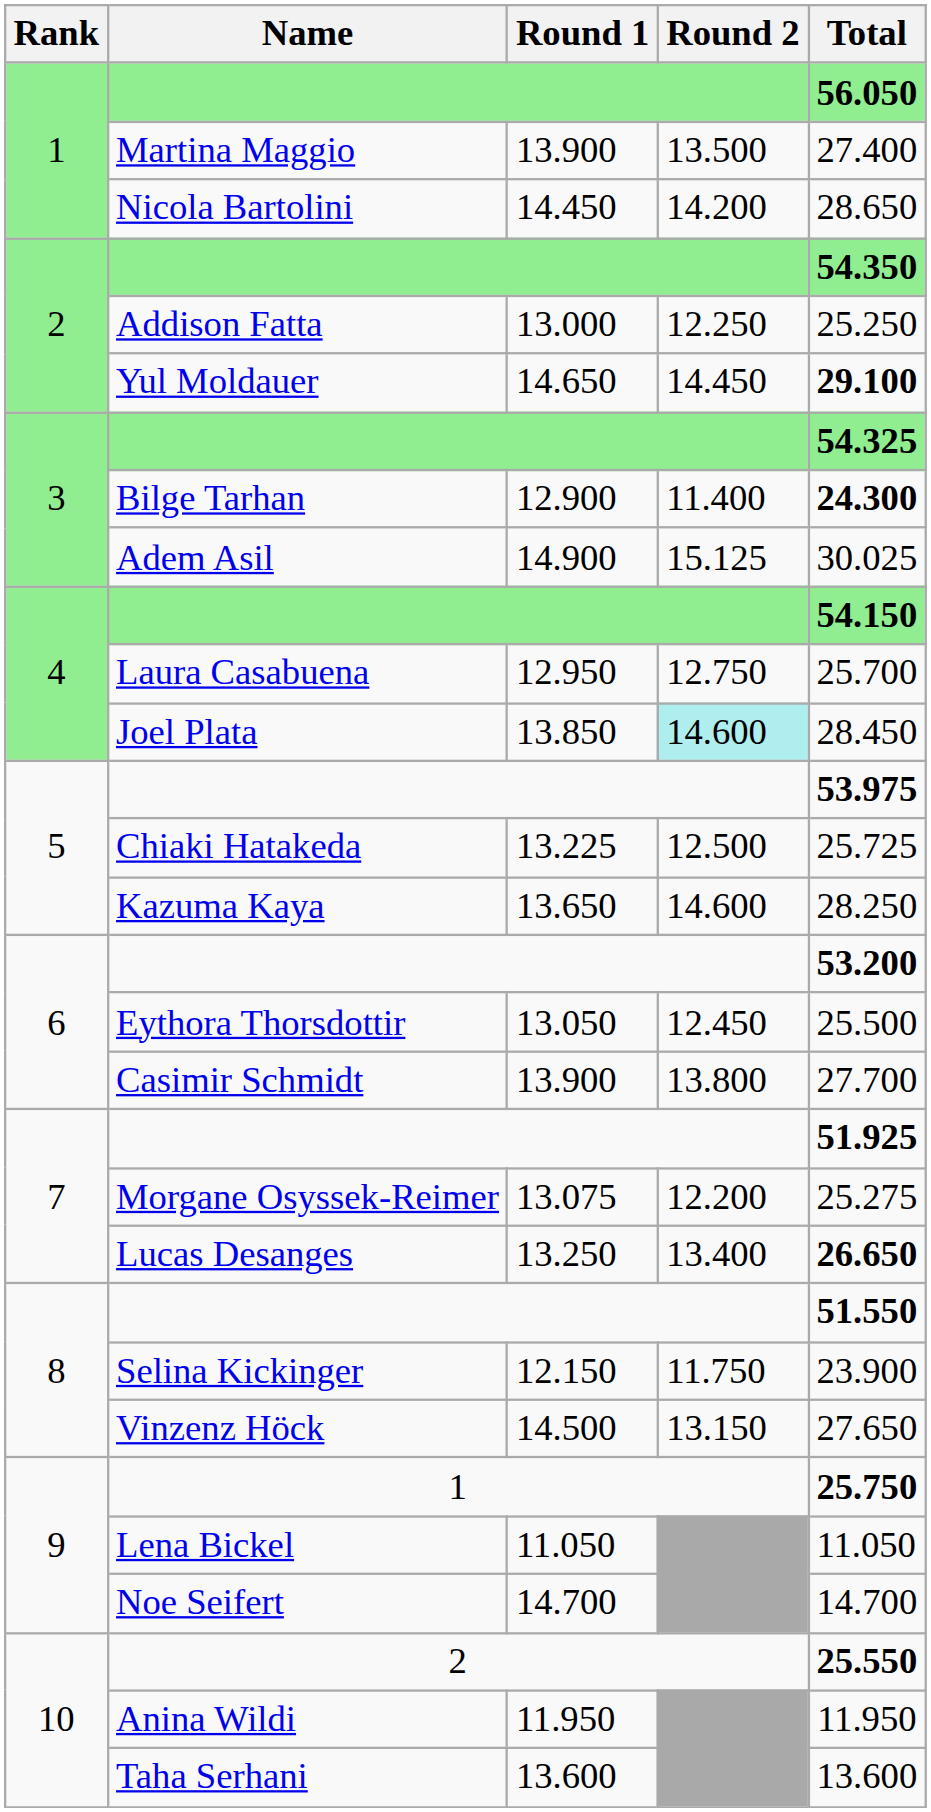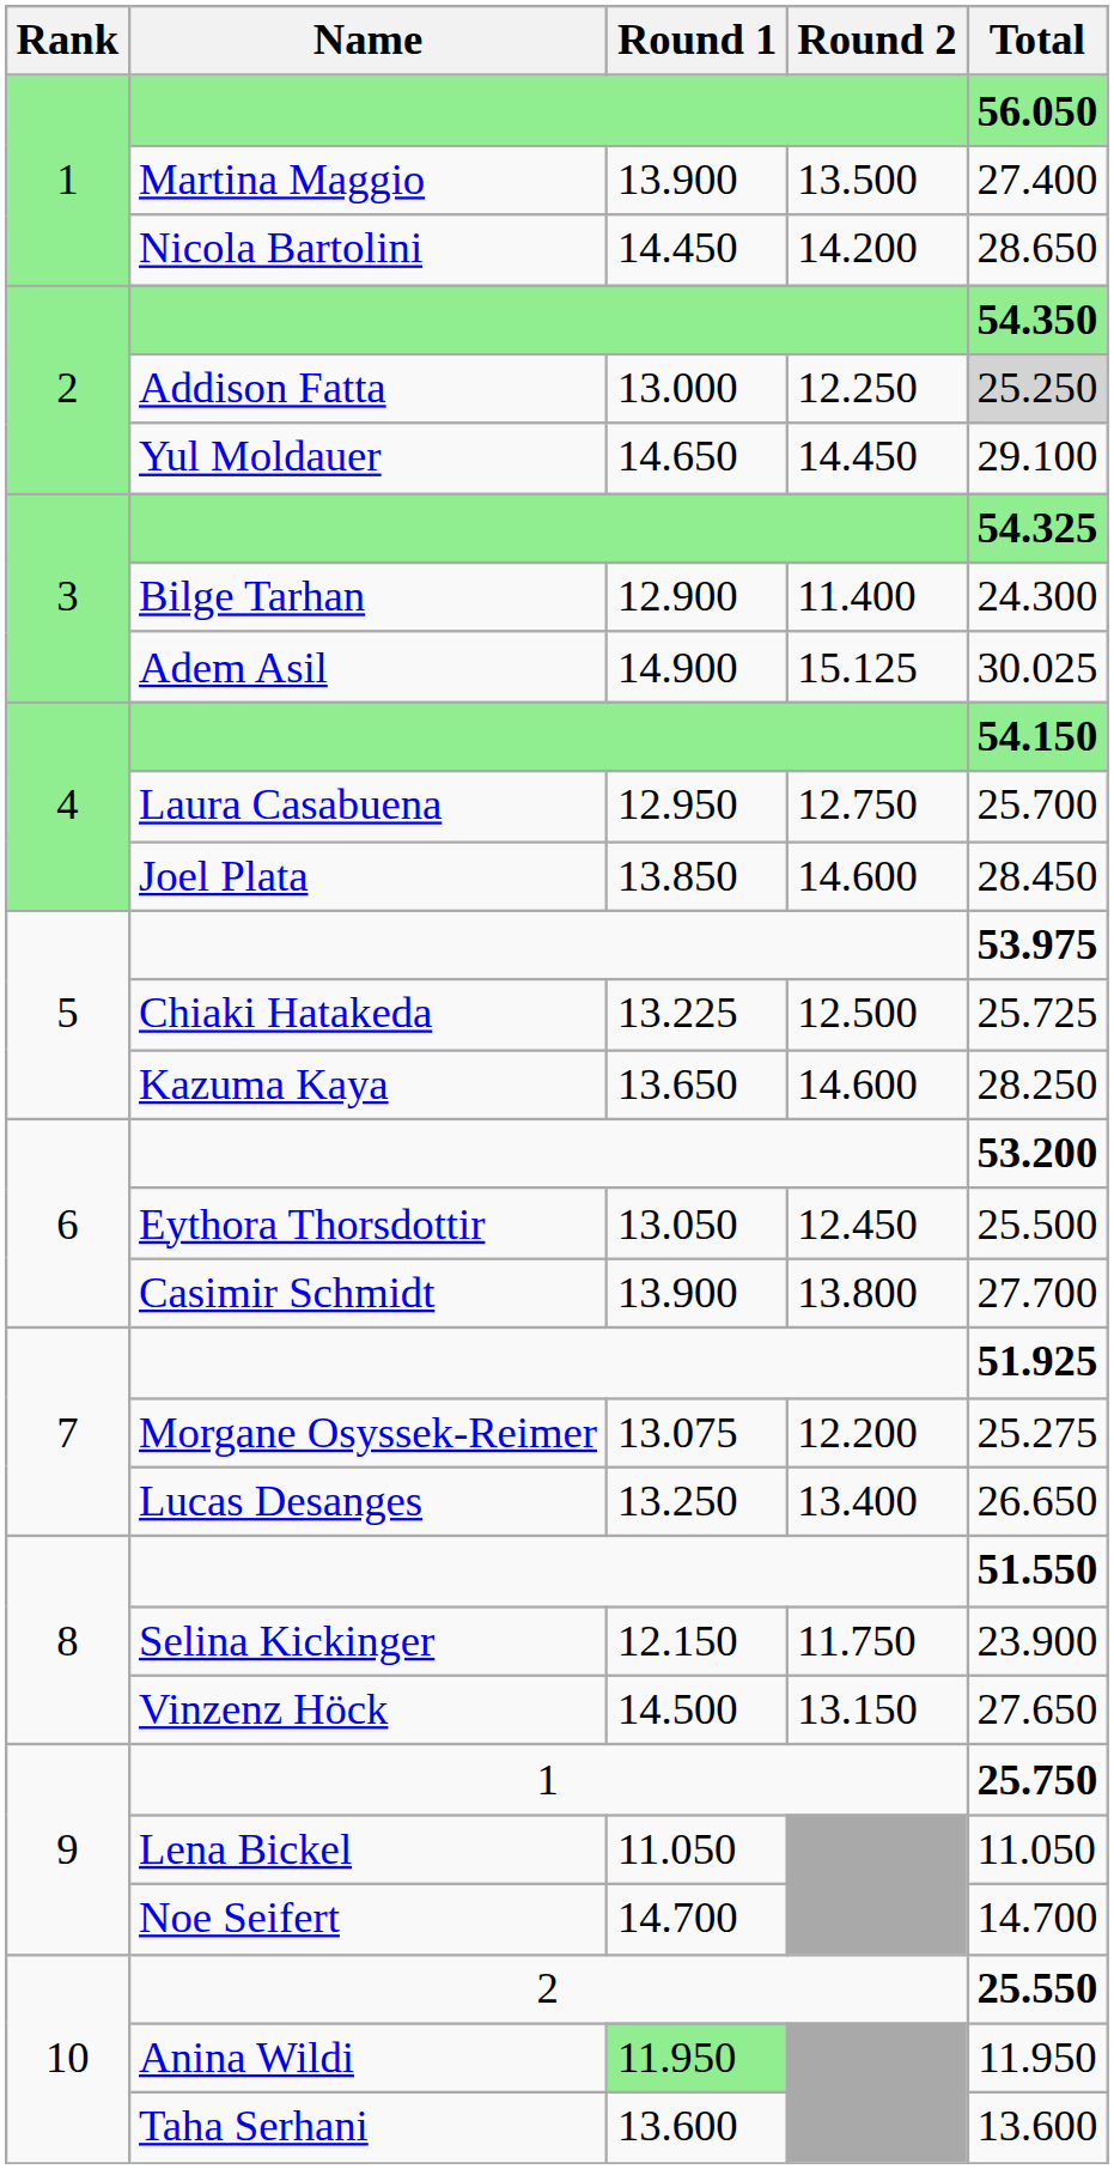 <table class="wikitable" white-space:nowrap">
 <tr>
 <th>Rank</th>
 <th>Name</th>
 <th>Round 1</th>
 <th>Round 2</th>
 <th>Total</th>
 </tr>
 <tr bgcolor="lightgreen">
 <td rowspan="3" align=center>1</td>
 <td align=center colspan="3"></td>
 <td><strong>56.050</strong></td>
 </tr>
 <tr>
 <td><a href='#'>Martina Maggio</a></td>
 <td> 13.900</td>
 <td> 13.500</td>
 <td>27.400</td>
 </tr>
 <tr>
 <td><a href='#'>Nicola Bartolini</a></td>
 <td> 14.450</td>
 <td> 14.200</td>
 <td>28.650</td>
 </tr>
 <tr bgcolor="lightgreen">
 <td rowspan="3" align=center>2</td>
 <td align=center colspan="3"></td>
 <td><strong>54.350</strong></td>
 </tr>
 <tr>
 <td><a href='#'>Addison Fatta</a></td>
 <td> 13.000</td>
 <td> 12.250</td>
-<td>25.250</td>
+<td style="background: lightgrey;">25.250</td>
 </tr>
 <tr>
 <td><a href='#'>Yul Moldauer</a></td>
 <td> 14.650</td>
 <td> 14.450</td>
-<td><strong>29.100</strong></td>
+<td>29.100</td>
 </tr>
 <tr bgcolor="lightgreen">
 <td rowspan="3" align=center>3</td>
 <td align=center colspan="3"></td>
 <td><strong>54.325</strong></td>
 </tr>
 <tr>
 <td><a href='#'>Bilge Tarhan</a></td>
 <td> 12.900</td>
 <td> 11.400</td>
-<td><strong>24.300</strong></td>
+<td>24.300</td>
 </tr>
 <tr>
 <td><a href='#'>Adem Asil</a></td>
 <td> 14.900</td>
 <td> 15.125</td>
 <td>30.025</td>
 </tr>
 <tr bgcolor="lightgreen">
 <td rowspan="3" align=center>4</td>
 <td align=center colspan="3"></td>
 <td><strong>54.150</strong></td>
 </tr>
 <tr>
 <td><a href='#'>Laura Casabuena</a></td>
 <td> 12.950</td>
 <td> 12.750</td>
 <td>25.700</td>
 </tr>
 <tr>
 <td><a href='#'>Joel Plata</a></td>
 <td> 13.850</td>
-<td style="background: paleturquoise;"> 14.600</td>
+<td> 14.600</td>
 <td>28.450</td>
 </tr>
 <tr>
 <td rowspan="3" align=center>5</td>
 <td align=center colspan="3"></td>
 <td><strong>53.975</strong></td>
 </tr>
 <tr>
 <td><a href='#'>Chiaki Hatakeda</a></td>
 <td> 13.225</td>
 <td> 12.500</td>
 <td>25.725</td>
 </tr>
 <tr>
 <td><a href='#'>Kazuma Kaya</a></td>
 <td> 13.650</td>
 <td> 14.600</td>
 <td>28.250</td>
 </tr>
 <tr>
 <td rowspan="3" align=center>6</td>
 <td align=center colspan="3"></td>
 <td><strong>53.200</strong></td>
 </tr>
 <tr>
 <td><a href='#'>Eythora Thorsdottir</a></td>
 <td> 13.050</td>
 <td> 12.450</td>
 <td>25.500</td>
 </tr>
 <tr>
 <td><a href='#'>Casimir Schmidt</a></td>
 <td> 13.900</td>
 <td> 13.800</td>
 <td>27.700</td>
 </tr>
 <tr>
 <td rowspan="3" align=center>7</td>
 <td align=center colspan="3"></td>
 <td><strong>51.925</strong></td>
 </tr>
 <tr>
 <td><a href='#'>Morgane Osyssek-Reimer</a></td>
 <td> 13.075</td>
 <td> 12.200</td>
 <td>25.275</td>
 </tr>
 <tr>
 <td><a href='#'>Lucas Desanges</a></td>
 <td> 13.250</td>
 <td> 13.400</td>
-<td><strong>26.650</strong></td>
+<td>26.650</td>
 </tr>
 <tr>
 <td rowspan="3" align=center>8</td>
 <td align=center colspan="3"></td>
 <td><strong>51.550</strong></td>
 </tr>
 <tr>
 <td><a href='#'>Selina Kickinger</a></td>
 <td> 12.150</td>
 <td> 11.750</td>
 <td>23.900</td>
 </tr>
 <tr>
 <td><a href='#'>Vinzenz Höck</a></td>
 <td> 14.500</td>
 <td> 13.150</td>
 <td>27.650</td>
 </tr>
 <tr>
 <td rowspan="3" align=center>9</td>
 <td align=center colspan="3"> 1</td>
 <td><strong>25.750</strong></td>
 </tr>
 <tr>
 <td><a href='#'>Lena Bickel</a></td>
 <td> 11.050</td>
 <td rowspan="2" bgcolor="darkgrey"></td>
 <td>11.050</td>
 </tr>
 <tr>
 <td><a href='#'>Noe Seifert</a></td>
 <td> 14.700</td>
 <td>14.700</td>
 </tr>
 <tr>
 <td rowspan="3" align=center>10</td>
 <td align=center colspan="3"> 2</td>
 <td><strong>25.550</strong></td>
 </tr>
 <tr>
 <td><a href='#'>Anina Wildi</a></td>
-<td align=left> 11.950</td>
+<td align=left style="background: lightgreen;"> 11.950</td>
 <td rowspan="2" bgcolor="darkgrey"></td>
 <td align=center>11.950</td>
 </tr>
 <tr>
 <td><a href='#'>Taha Serhani</a></td>
 <td> 13.600</td>
 <td>13.600</td>
 </tr>
 </table>
